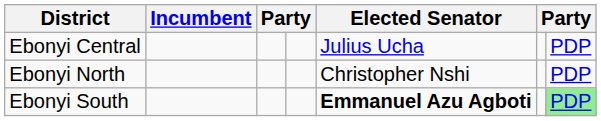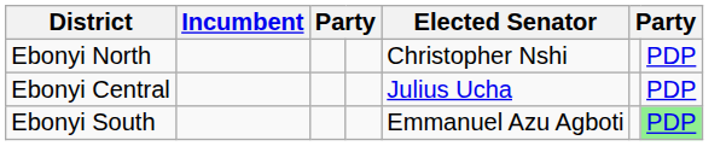 <table class="sortable wikitable" style="font-size:95%;line-height:14px;">
 <tr>
 <th class="unsortable">District</th>
 <th class="unsortable"><a href='#'>Incumbent</a></th>
 <th colspan="2">Party</th>
 <th class="unsortable">Elected Senator</th>
 <th colspan="2">Party</th>
+</tr>
+<tr>
+<td>Ebonyi North</td>
+<td></td>
+<td></td>
+<td></td>
+<td>Christopher Nshi</td>
+<td style="background:"></td>
+<td><a href='#'>PDP</a></td>
 </tr>
 <tr>
 <td>Ebonyi Central</td>
 <td></td>
 <td></td>
 <td></td>
 <td><a href='#'>Julius Ucha</a></td>
 <td style="background:"></td>
 <td><a href='#'>PDP</a></td>
 </tr>
 <tr>
-<td>Ebonyi North</td>
-<td></td>
-<td></td>
-<td></td>
-<td>Christopher Nshi</td>
-<td style="background:"></td>
-<td><a href='#'>PDP</a></td>
-</tr>
-<tr>
 <td>Ebonyi South</td>
 <td></td>
 <td></td>
 <td></td>
-<td><strong>Emmanuel Azu Agboti</strong></td>
+<td>Emmanuel Azu Agboti</td>
 <td style="background:"></td>
 <td style="background: lightgreen;"><a href='#'>PDP</a></td>
 </tr>
 </table>
